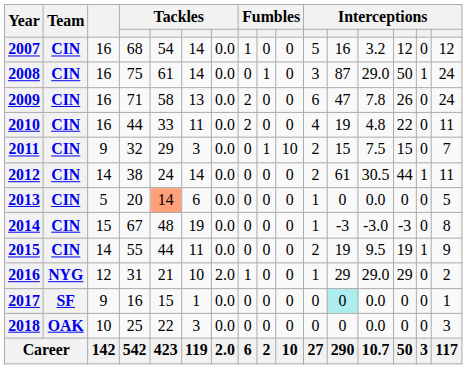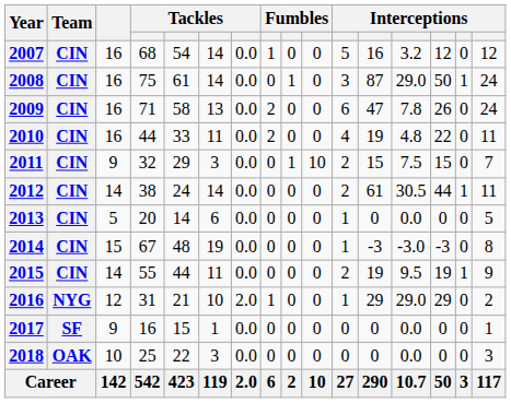 <table class="wikitable sortable" style="text-align:center;">
 <tr>
 <th rowspan="2">Year</th>
 <th rowspan="2">Team</th>
 <th rowspan="2"></th>
 <th colspan="4">Tackles</th>
 <th colspan="3">Fumbles</th>
 <th colspan="6">Interceptions</th>
 </tr>
 <tr>
 <th></th>
 <th></th>
 <th></th>
 <th></th>
 <th></th>
 <th></th>
 <th></th>
 <th></th>
 <th></th>
 <th></th>
 <th></th>
 <th></th>
 <th></th>
 </tr>
 <tr>
 <th><a href='#'>2007</a></th>
 <th><a href='#'>CIN</a></th>
 <td>16</td>
 <td>68</td>
 <td>54</td>
 <td>14</td>
 <td>0.0</td>
 <td>1</td>
 <td>0</td>
 <td>0</td>
 <td>5</td>
 <td>16</td>
 <td>3.2</td>
 <td>12</td>
 <td>0</td>
 <td>12</td>
 </tr>
 <tr>
 <th><a href='#'>2008</a></th>
 <th><a href='#'>CIN</a></th>
 <td>16</td>
 <td>75</td>
 <td>61</td>
 <td>14</td>
 <td>0.0</td>
 <td>0</td>
 <td>1</td>
 <td>0</td>
 <td>3</td>
 <td>87</td>
 <td>29.0</td>
 <td>50</td>
 <td>1</td>
 <td>24</td>
 </tr>
 <tr>
 <th><a href='#'>2009</a></th>
 <th><a href='#'>CIN</a></th>
 <td>16</td>
 <td>71</td>
 <td>58</td>
 <td>13</td>
 <td>0.0</td>
 <td>2</td>
 <td>0</td>
 <td>0</td>
 <td>6</td>
 <td>47</td>
 <td>7.8</td>
 <td>26</td>
 <td>0</td>
 <td>24</td>
 </tr>
 <tr>
 <th><a href='#'>2010</a></th>
 <th><a href='#'>CIN</a></th>
 <td>16</td>
 <td>44</td>
 <td>33</td>
 <td>11</td>
 <td>0.0</td>
 <td>2</td>
 <td>0</td>
 <td>0</td>
 <td>4</td>
 <td>19</td>
 <td>4.8</td>
 <td>22</td>
 <td>0</td>
 <td>11</td>
 </tr>
 <tr>
 <th><a href='#'>2011</a></th>
 <th><a href='#'>CIN</a></th>
 <td>9</td>
 <td>32</td>
 <td>29</td>
 <td>3</td>
 <td>0.0</td>
 <td>0</td>
 <td>1</td>
 <td>10</td>
 <td>2</td>
 <td>15</td>
 <td>7.5</td>
 <td>15</td>
 <td>0</td>
 <td>7</td>
 </tr>
 <tr>
 <th><a href='#'>2012</a></th>
 <th><a href='#'>CIN</a></th>
 <td>14</td>
 <td>38</td>
 <td>24</td>
 <td>14</td>
 <td>0.0</td>
 <td>0</td>
 <td>0</td>
 <td>0</td>
 <td>2</td>
 <td>61</td>
 <td>30.5</td>
 <td>44</td>
 <td>1</td>
 <td>11</td>
 </tr>
 <tr>
 <th><a href='#'>2013</a></th>
 <th><a href='#'>CIN</a></th>
 <td>5</td>
 <td>20</td>
-<td style="background: lightsalmon;">14</td>
+<td>14</td>
 <td>6</td>
 <td>0.0</td>
 <td>0</td>
 <td>0</td>
 <td>0</td>
 <td>1</td>
 <td>0</td>
 <td>0.0</td>
 <td>0</td>
 <td>0</td>
 <td>5</td>
 </tr>
 <tr>
 <th><a href='#'>2014</a></th>
 <th><a href='#'>CIN</a></th>
 <td>15</td>
 <td>67</td>
 <td>48</td>
 <td>19</td>
 <td>0.0</td>
 <td>0</td>
 <td>0</td>
 <td>0</td>
 <td>1</td>
 <td>-3</td>
 <td>-3.0</td>
 <td>-3</td>
 <td>0</td>
 <td>8</td>
 </tr>
 <tr>
 <th><a href='#'>2015</a></th>
 <th><a href='#'>CIN</a></th>
 <td>14</td>
 <td>55</td>
 <td>44</td>
 <td>11</td>
 <td>0.0</td>
 <td>0</td>
 <td>0</td>
 <td>0</td>
 <td>2</td>
 <td>19</td>
 <td>9.5</td>
 <td>19</td>
 <td>1</td>
 <td>9</td>
 </tr>
 <tr>
 <th><a href='#'>2016</a></th>
 <th><a href='#'>NYG</a></th>
 <td>12</td>
 <td>31</td>
 <td>21</td>
 <td>10</td>
 <td>2.0</td>
 <td>1</td>
 <td>0</td>
 <td>0</td>
 <td>1</td>
 <td>29</td>
 <td>29.0</td>
 <td>29</td>
 <td>0</td>
 <td>2</td>
 </tr>
 <tr>
 <th><a href='#'>2017</a></th>
 <th><a href='#'>SF</a></th>
 <td>9</td>
 <td>16</td>
 <td>15</td>
 <td>1</td>
 <td>0.0</td>
 <td>0</td>
 <td>0</td>
 <td>0</td>
 <td>0</td>
-<td style="background: paleturquoise;">0</td>
+<td>0</td>
 <td>0.0</td>
 <td>0</td>
 <td>0</td>
 <td>1</td>
 </tr>
 <tr>
 <th><a href='#'>2018</a></th>
 <th><a href='#'>OAK</a></th>
 <td>10</td>
 <td>25</td>
 <td>22</td>
 <td>3</td>
 <td>0.0</td>
 <td>0</td>
 <td>0</td>
 <td>0</td>
 <td>0</td>
 <td>0</td>
 <td>0.0</td>
 <td>0</td>
 <td>0</td>
 <td>3</td>
 </tr>
 <tr>
 <th colspan="2">Career</th>
 <th>142</th>
 <th>542</th>
 <th>423</th>
 <th>119</th>
 <th>2.0</th>
 <th>6</th>
 <th>2</th>
 <th>10</th>
 <th>27</th>
 <th>290</th>
 <th>10.7</th>
 <th>50</th>
 <th>3</th>
 <th>117</th>
 </tr>
 </table>
